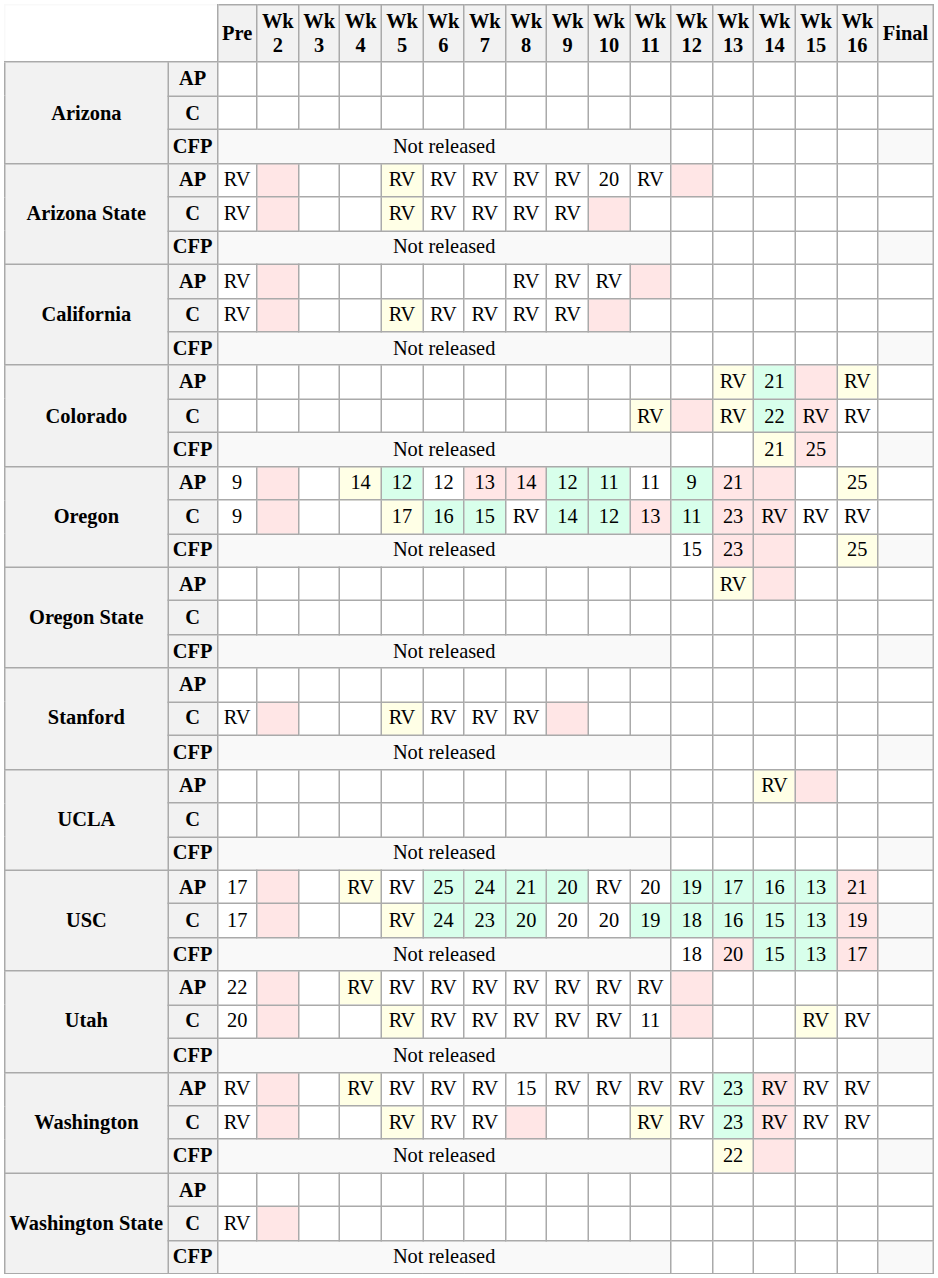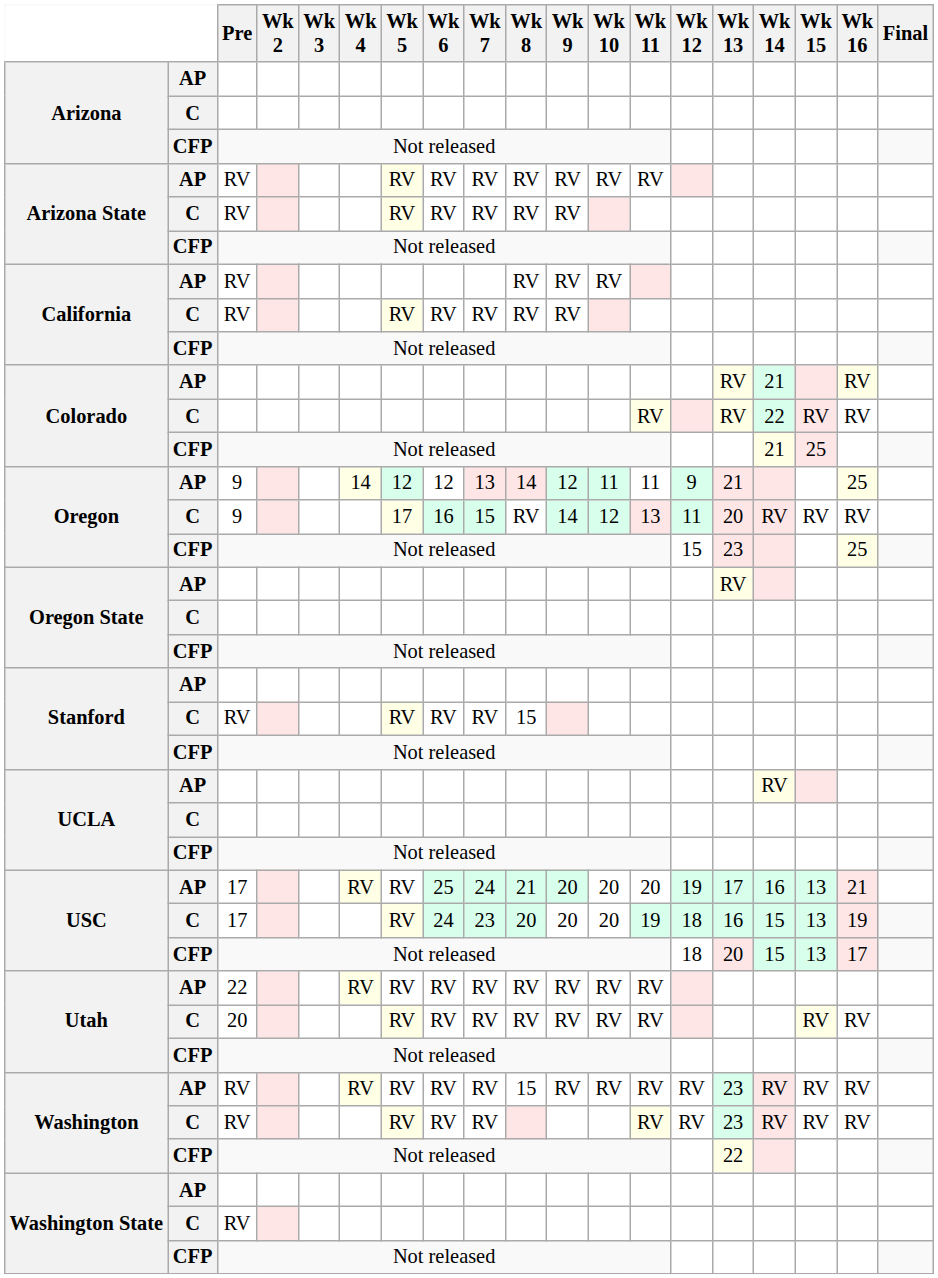 <table class="wikitable" style="white-space:nowrap;font-size:85%;">
 <tr>
 <th colspan=2 style="background:white; border-top-style:hidden; border-left-style:hidden;"> </th>
 <th>Pre</th>
 <th>Wk<br>2</th>
 <th>Wk<br>3</th>
 <th>Wk<br>4</th>
 <th>Wk<br>5</th>
 <th>Wk<br>6</th>
 <th>Wk<br>7</th>
 <th>Wk<br>8</th>
 <th>Wk<br>9</th>
 <th>Wk<br>10</th>
 <th>Wk<br>11</th>
 <th>Wk<br>12</th>
 <th>Wk<br>13</th>
 <th>Wk<br>14</th>
 <th>Wk<br>15</th>
 <th>Wk<br>16</th>
 <th>Final</th>
 </tr>
 <tr style="text-align:center;">
 <th rowspan="3">Arizona</th>
 <th>AP</th>
 <td style="background:#FFF;"></td>
 <td style="background:#FFF;"></td>
 <td style="background:#FFF;"></td>
 <td style="background:#FFF;"></td>
 <td style="background:#FFF;"></td>
 <td style="background:#FFF;"></td>
 <td style="background:#FFF;"></td>
 <td style="background:#FFF;"></td>
 <td style="background:#FFF;"></td>
 <td style="background:#FFF;"></td>
 <td style="background:#FFF;"></td>
 <td style="background:#FFF;"></td>
 <td style="background:#FFF;"></td>
 <td style="background:#FFF;"></td>
 <td style="background:#FFF;"></td>
 <td style="background:#FFF;"></td>
 <td style="background:#FFF;"></td>
 </tr>
 <tr style="text-align:center;">
 <th>C</th>
 <td style="background:#FFF;"></td>
 <td style="background:#FFF;"></td>
 <td style="background:#FFF;"></td>
 <td style="background:#FFF;"></td>
 <td style="background:#FFF;"></td>
 <td style="background:#FFF;"></td>
 <td style="background:#FFF;"></td>
 <td style="background:#FFF;"></td>
 <td style="background:#FFF;"></td>
 <td style="background:#FFF;"></td>
 <td style="background:#FFF;"></td>
 <td style="background:#FFF;"></td>
 <td style="background:#FFF;"></td>
 <td style="background:#FFF;"></td>
 <td style="background:#FFF;"></td>
 <td style="background:#FFF;"></td>
 <td style="background:#FFF;"></td>
 </tr>
 <tr style="text-align:center;">
 <th>CFP</th>
 <td colspan="11" style="text-align:center;">Not released</td>
 <td style="background:#FFF;"></td>
 <td style="background:#FFF;"></td>
 <td style="background:#FFF;"></td>
 <td style="background:#FFF;"></td>
 <td style="background:#FFF;"></td>
 <td style="text-align:center;"></td>
 </tr>
 <tr style="text-align:center;">
 <th rowspan="3">Arizona State</th>
 <th>AP</th>
 <td style="background:#FFF;">RV</td>
 <td style="background:#FFE6E6;"></td>
 <td style="background:#FFF;"></td>
 <td style="background:#FFF;"></td>
 <td style="background:#ffffe6;">RV</td>
 <td style="background:#FFF;">RV</td>
 <td style="background:#FFF;">RV</td>
 <td style="background:#FFF;">RV</td>
 <td style="background:#FFF;">RV</td>
-<td style="background:#FFF;">20</td>
+<td style="background:#FFF;">RV</td>
 <td style="background:#FFF;">RV</td>
 <td style="background:#FFE6E6;"></td>
 <td style="background:#FFF;"></td>
 <td style="background:#FFF;"></td>
 <td style="background:#FFF;"></td>
 <td style="background:#FFF;"></td>
 <td style="background:#FFF;"></td>
 </tr>
 <tr style="text-align:center;">
 <th>C</th>
 <td style="background:#FFF;">RV</td>
 <td style="background:#FFE6E6;"></td>
 <td style="background:#FFF;"></td>
 <td style="background:#FFF;"></td>
 <td style="background:#ffffe6;">RV</td>
 <td style="background:#FFF;">RV</td>
 <td style="background:#FFF;">RV</td>
 <td style="background:#FFF;">RV</td>
 <td style="background:#FFF;">RV</td>
 <td style="background:#FFE6E6;"></td>
 <td style="background:#FFF;"></td>
 <td style="background:#FFF;"></td>
 <td style="background:#FFF;"></td>
 <td style="background:#FFF;"></td>
 <td style="background:#FFF;"></td>
 <td style="background:#FFF;"></td>
 <td style="background:#FFF;"></td>
 </tr>
 <tr style="text-align:center;">
 <th>CFP</th>
 <td colspan="11" style="text-align:center;">Not released</td>
 <td style="background:#FFF;"></td>
 <td style="background:#FFF;"></td>
 <td style="background:#FFF;"></td>
 <td style="background:#FFF;"></td>
 <td style="background:#FFF;"></td>
 <td style="text-align:center;"></td>
 </tr>
 <tr style="text-align:center;">
 <th rowspan="3">California</th>
 <th>AP</th>
 <td style="background:#FFF;">RV</td>
 <td style="background:#FFE6E6;"></td>
 <td style="background:#FFF;"></td>
 <td style="background:#FFF;"></td>
 <td style="background:#FFF;"></td>
 <td style="background:#FFF;"></td>
 <td style="background:#FFF;"></td>
 <td style="background:#FFF;">RV</td>
 <td style="background:#FFF;">RV</td>
 <td style="background:#FFF;">RV</td>
 <td style="background:#FFE6E6;"></td>
 <td style="background:#FFF;"></td>
 <td style="background:#FFF;"></td>
 <td style="background:#FFF;"></td>
 <td style="background:#FFF;"></td>
 <td style="background:#FFF;"></td>
 <td style="background:#FFF;"></td>
 </tr>
 <tr style="text-align:center;">
 <th>C</th>
 <td style="background:#FFF;">RV</td>
 <td style="background:#FFE6E6;"></td>
 <td style="background:#FFF;"></td>
 <td style="background:#FFF;"></td>
 <td style="background:#ffffe6;">RV</td>
 <td style="background:#FFF;">RV</td>
 <td style="background:#FFF;">RV</td>
 <td style="background:#FFF;">RV</td>
 <td style="background:#FFF;">RV</td>
 <td style="background:#FFE6E6;"></td>
 <td style="background:#FFF;"></td>
 <td style="background:#FFF;"></td>
 <td style="background:#FFF;"></td>
 <td style="background:#FFF;"></td>
 <td style="background:#FFF;"></td>
 <td style="background:#FFF;"></td>
 <td style="background:#FFF;"></td>
 </tr>
 <tr style="text-align:center;">
 <th>CFP</th>
 <td colspan="11" style="text-align:center;">Not released</td>
 <td style="background:#FFF;"></td>
 <td style="background:#FFF;"></td>
 <td style="background:#FFF;"></td>
 <td style="background:#FFF;"></td>
 <td style="background:#FFF;"></td>
 <td style="text-align:center;"></td>
 </tr>
 <tr style="text-align:center;">
 <th rowspan="3">Colorado</th>
 <th>AP</th>
 <td style="background:#FFF;"></td>
 <td style="background:#FFF;"></td>
 <td style="background:#FFF;"></td>
 <td style="background:#FFF;"></td>
 <td style="background:#FFF;"></td>
 <td style="background:#FFF;"></td>
 <td style="background:#FFF;"></td>
 <td style="background:#FFF;"></td>
 <td style="background:#FFF;"></td>
 <td style="background:#FFF;"></td>
 <td style="background:#FFF;"></td>
 <td style="background:#FFF;"></td>
 <td style="background:#ffffe6;">RV</td>
 <td style="background:#D8FFEB;">21</td>
 <td style="background:#FFE6E6;"></td>
 <td style="background:#ffffe6;">RV</td>
 <td style="background:#FFF;"></td>
 </tr>
 <tr style="text-align:center;">
 <th>C</th>
 <td style="background:#FFF;"></td>
 <td style="background:#FFF;"></td>
 <td style="background:#FFF;"></td>
 <td style="background:#FFF;"></td>
 <td style="background:#FFF;"></td>
 <td style="background:#FFF;"></td>
 <td style="background:#FFF;"></td>
 <td style="background:#FFF;"></td>
 <td style="background:#FFF;"></td>
 <td style="background:#FFF;"></td>
 <td style="background:#ffffe6;">RV</td>
 <td style="background:#FFE6E6;"></td>
 <td style="background:#ffffe6;">RV</td>
 <td style="background:#D8FFEB;">22</td>
 <td style="background:#FFE6E6;">RV</td>
 <td style="background:#FFF;">RV</td>
 <td style="background:#FFF;"></td>
 </tr>
 <tr style="text-align:center;">
 <th>CFP</th>
 <td colspan="11" style="text-align:center;">Not released</td>
 <td style="background:#FFF;"></td>
 <td style="background:#FFF;"></td>
 <td style="background:#ffffe6;">21</td>
 <td style="background:#FFE6E6;">25</td>
 <td style="background:#FFF;"></td>
 <td style="text-align:center;"></td>
 </tr>
 <tr style="text-align:center;">
 <th rowspan="3">Oregon</th>
 <th>AP</th>
 <td style="background:#FFF;">9</td>
 <td style="background:#FFE6E6;"></td>
 <td style="background:#FFF;"></td>
 <td style="background:#ffffe6;">14</td>
 <td style="background:#D8FFEB;">12</td>
 <td style="background:#FFF;">12</td>
 <td style="background:#FFE6E6;">13</td>
 <td style="background:#FFE6E6;">14</td>
 <td style="background:#D8FFEB;">12</td>
 <td style="background:#D8FFEB;">11</td>
 <td style="background:#FFF;">11</td>
 <td style="background:#D8FFEB;">9</td>
 <td style="background:#FFE6E6;">21</td>
 <td style="background:#FFE6E6;"></td>
 <td style="background:#FFF;"></td>
 <td style="background:#ffffe6;">25</td>
 <td style="background:#FFF;"></td>
 </tr>
 <tr style="text-align:center;">
 <th>C</th>
 <td style="background:#FFF;">9</td>
 <td style="background:#FFE6E6;"></td>
 <td style="background:#FFF;"></td>
 <td style="background:#FFF;"></td>
 <td style="background:#ffffe6;">17</td>
 <td style="background:#D8FFEB;">16</td>
 <td style="background:#D8FFEB;">15</td>
 <td style="background:#FFF;">RV</td>
 <td style="background:#D8FFEB;">14</td>
 <td style="background:#D8FFEB;">12</td>
 <td style="background:#FFE6E6;">13</td>
 <td style="background:#D8FFEB;">11</td>
-<td style="background:#FFE6E6;">23</td>
+<td style="background:#FFE6E6;">20</td>
 <td style="background:#FFE6E6;">RV</td>
 <td style="background:#FFF;">RV</td>
 <td style="background:#FFF;">RV</td>
 <td style="background:#FFF;"></td>
 </tr>
 <tr style="text-align:center;">
 <th>CFP</th>
 <td colspan="11" style="text-align:center;">Not released</td>
 <td style="background:#FFF;">15</td>
 <td style="background:#FFE6E6;">23</td>
 <td style="background:#FFE6E6;"></td>
 <td style="background:#FFF;"></td>
 <td style="background:#ffffe6;">25</td>
 <td style="text-align:center;"></td>
 </tr>
 <tr style="text-align:center;">
 <th rowspan="3">Oregon State</th>
 <th>AP</th>
 <td style="background:#FFF;"></td>
 <td style="background:#FFF;"></td>
 <td style="background:#FFF;"></td>
 <td style="background:#FFF;"></td>
 <td style="background:#FFF;"></td>
 <td style="background:#FFF;"></td>
 <td style="background:#FFF;"></td>
 <td style="background:#FFF;"></td>
 <td style="background:#FFF;"></td>
 <td style="background:#FFF;"></td>
 <td style="background:#FFF;"></td>
 <td style="background:#FFF;"></td>
 <td style="background:#ffffe6;">RV</td>
 <td style="background:#FFE6E6;"></td>
 <td style="background:#FFF;"></td>
 <td style="background:#FFF;"></td>
 <td style="background:#FFF;"></td>
 </tr>
 <tr style="text-align:center;">
 <th>C</th>
 <td style="background:#FFF;"></td>
 <td style="background:#FFF;"></td>
 <td style="background:#FFF;"></td>
 <td style="background:#FFF;"></td>
 <td style="background:#FFF;"></td>
 <td style="background:#FFF;"></td>
 <td style="background:#FFF;"></td>
 <td style="background:#FFF;"></td>
 <td style="background:#FFF;"></td>
 <td style="background:#FFF;"></td>
 <td style="background:#FFF;"></td>
 <td style="background:#FFF;"></td>
 <td style="background:#FFF;"></td>
 <td style="background:#FFF;"></td>
 <td style="background:#FFF;"></td>
 <td style="background:#FFF;"></td>
 <td style="background:#FFF;"></td>
 </tr>
 <tr style="text-align:center;">
 <th>CFP</th>
 <td colspan="11" style="text-align:center;">Not released</td>
 <td style="background:#FFF;"></td>
 <td style="background:#FFF;"></td>
 <td style="background:#FFF;"></td>
 <td style="background:#FFF;"></td>
 <td style="background:#FFF;"></td>
 <td style="text-align:center;"></td>
 </tr>
 <tr style="text-align:center;">
 <th rowspan="3">Stanford</th>
 <th>AP</th>
 <td style="background:#FFF;"></td>
 <td style="background:#FFF;"></td>
 <td style="background:#FFF;"></td>
 <td style="background:#FFF;"></td>
 <td style="background:#FFF;"></td>
 <td style="background:#FFF;"></td>
 <td style="background:#FFF;"></td>
 <td style="background:#FFF;"></td>
 <td style="background:#FFF;"></td>
 <td style="background:#FFF;"></td>
 <td style="background:#FFF;"></td>
 <td style="background:#FFF;"></td>
 <td style="background:#FFF;"></td>
 <td style="background:#FFF;"></td>
 <td style="background:#FFF;"></td>
 <td style="background:#FFF;"></td>
 <td style="background:#FFF;"></td>
 </tr>
 <tr style="text-align:center;">
 <th>C</th>
 <td style="background:#FFF;">RV</td>
 <td style="background:#FFE6E6;"></td>
 <td style="background:#FFF;"></td>
 <td style="background:#FFF;"></td>
 <td style="background:#ffffe6;">RV</td>
 <td style="background:#FFF;">RV</td>
 <td style="background:#FFF;">RV</td>
-<td style="background:#FFF;">RV</td>
+<td style="background:#FFF;">15</td>
 <td style="background:#FFE6E6;"></td>
 <td style="background:#FFF;"></td>
 <td style="background:#FFF;"></td>
 <td style="background:#FFF;"></td>
 <td style="background:#FFF;"></td>
 <td style="background:#FFF;"></td>
 <td style="background:#FFF;"></td>
 <td style="background:#FFF;"></td>
 <td style="background:#FFF;"></td>
 </tr>
 <tr style="text-align:center;">
 <th>CFP</th>
 <td colspan="11" style="text-align:center;">Not released</td>
 <td style="background:#FFF;"></td>
 <td style="background:#FFF;"></td>
 <td style="background:#FFF;"></td>
 <td style="background:#FFF;"></td>
 <td style="background:#FFF;"></td>
 <td style="text-align:center;"></td>
 </tr>
 <tr style="text-align:center;">
 <th rowspan="3">UCLA</th>
 <th>AP</th>
 <td style="background:#FFF;"></td>
 <td style="background:#FFF;"></td>
 <td style="background:#FFF;"></td>
 <td style="background:#FFF;"></td>
 <td style="background:#FFF;"></td>
 <td style="background:#FFF;"></td>
 <td style="background:#FFF;"></td>
 <td style="background:#FFF;"></td>
 <td style="background:#FFF;"></td>
 <td style="background:#FFF;"></td>
 <td style="background:#FFF;"></td>
 <td style="background:#FFF;"></td>
 <td style="background:#FFF;"></td>
 <td style="background:#ffffe6;">RV</td>
 <td style="background:#FFE6E6;"></td>
 <td style="background:#FFF;"></td>
 <td style="background:#FFF;"></td>
 </tr>
 <tr style="text-align:center;">
 <th>C</th>
 <td style="background:#FFF;"></td>
 <td style="background:#FFF;"></td>
 <td style="background:#FFF;"></td>
 <td style="background:#FFF;"></td>
 <td style="background:#FFF;"></td>
 <td style="background:#FFF;"></td>
 <td style="background:#FFF;"></td>
 <td style="background:#FFF;"></td>
 <td style="background:#FFF;"></td>
 <td style="background:#FFF;"></td>
 <td style="background:#FFF;"></td>
 <td style="background:#FFF;"></td>
 <td style="background:#FFF;"></td>
 <td style="background:#FFF;"></td>
 <td style="background:#FFF;"></td>
 <td style="background:#FFF;"></td>
 <td style="background:#FFF;"></td>
 </tr>
 <tr style="text-align:center;">
 <th>CFP</th>
 <td colspan="11" style="text-align:center;">Not released</td>
 <td style="background:#FFF;"></td>
 <td style="background:#FFF;"></td>
 <td style="background:#FFF;"></td>
 <td style="background:#FFF;"></td>
 <td style="background:#FFF;"></td>
 <td style="text-align:center;"></td>
 </tr>
 <tr style="text-align:center;">
 <th rowspan="3">USC</th>
 <th>AP</th>
 <td style="background:#FFF;">17</td>
 <td style="background:#FFE6E6;"></td>
 <td style="background:#FFF;"></td>
 <td style="background:#ffffe6;">RV</td>
 <td style="background:#FFF;">RV</td>
 <td style="background:#D8FFEB;">25</td>
 <td style="background:#D8FFEB;">24</td>
 <td style="background:#D8FFEB;">21</td>
 <td style="background:#D8FFEB;">20</td>
-<td style="background:#FFF;">RV</td>
+<td style="background:#FFF;">20</td>
 <td style="background:#FFF;">20</td>
 <td style="background:#D8FFEB;">19</td>
 <td style="background:#D8FFEB;">17</td>
 <td style="background:#D8FFEB;">16</td>
 <td style="background:#D8FFEB;">13</td>
 <td style="background:#FFE6E6;">21</td>
 <td style="background:#FFF;"></td>
 </tr>
 <tr style="text-align:center;">
 <th>C</th>
 <td style="background:#FFF;">17</td>
 <td style="background:#FFE6E6;"></td>
 <td style="background:#FFF;"></td>
 <td style="background:#FFF;"></td>
 <td style="background:#ffffe6;">RV</td>
 <td style="background:#D8FFEB;">24</td>
 <td style="background:#D8FFEB;">23</td>
 <td style="background:#D8FFEB;">20</td>
 <td style="background:#FFF;">20</td>
 <td style="background:#FFF;">20</td>
 <td style="background:#D8FFEB;">19</td>
 <td style="background:#D8FFEB;">18</td>
 <td style="background:#D8FFEB;">16</td>
 <td style="background:#D8FFEB;">15</td>
 <td style="background:#D8FFEB;">13</td>
 <td style="background:#FFE6E6;">19</td>
 </tr>
 <tr style="text-align:center;">
 <th>CFP</th>
 <td colspan="11" style="text-align:center;">Not released</td>
 <td style="background:#FFF;">18</td>
 <td style="background:#FFE6E6;">20</td>
 <td style="background:#D8FFEB;">15</td>
 <td style="background:#D8FFEB;">13</td>
 <td style="background:#FFE6E6;">17</td>
 <td style="text-align:center;"></td>
 </tr>
 <tr style="text-align:center;">
 <th rowspan="3">Utah</th>
 <th>AP</th>
 <td style="background:#FFF;">22</td>
 <td style="background:#FFE6E6;"></td>
 <td style="background:#FFF;"></td>
 <td style="background:#ffffe6;">RV</td>
 <td style="background:#FFF;">RV</td>
 <td style="background:#FFF;">RV</td>
 <td style="background:#FFF;">RV</td>
 <td style="background:#FFF;">RV</td>
 <td style="background:#FFF;">RV</td>
 <td style="background:#FFF;">RV</td>
 <td style="background:#FFF;">RV</td>
 <td style="background:#FFE6E6;"></td>
 <td style="background:#FFF;"></td>
 <td style="background:#FFF;"></td>
 <td style="background:#FFF;"></td>
 <td style="background:#FFF;"></td>
 <td style="background:#FFF;"></td>
 </tr>
 <tr style="text-align:center;">
 <th>C</th>
 <td style="background:#FFF;">20</td>
 <td style="background:#FFE6E6;"></td>
 <td style="background:#FFF;"></td>
 <td style="background:#FFF;"></td>
 <td style="background:#ffffe6;">RV</td>
 <td style="background:#FFF;">RV</td>
 <td style="background:#FFF;">RV</td>
 <td style="background:#FFF;">RV</td>
 <td style="background:#FFF;">RV</td>
 <td style="background:#FFF;">RV</td>
-<td style="background:#FFF;">11</td>
+<td style="background:#FFF;">RV</td>
 <td style="background:#FFE6E6;"></td>
 <td style="background:#FFF;"></td>
 <td style="background:#FFF;"></td>
 <td style="background:#ffffe6;">RV</td>
 <td style="background:#FFF;">RV</td>
 <td style="background:#FFF;"></td>
 </tr>
 <tr style="text-align:center;">
 <th>CFP</th>
 <td colspan="11" style="text-align:center;">Not released</td>
 <td style="background:#FFF;"></td>
 <td style="background:#FFF;"></td>
 <td style="background:#FFF;"></td>
 <td style="background:#FFF;"></td>
 <td style="background:#FFF;"></td>
 <td style="text-align:center;"></td>
 </tr>
 <tr style="text-align:center;">
 <th rowspan="3">Washington</th>
 <th>AP</th>
 <td style="background:#FFF;">RV</td>
 <td style="background:#FFE6E6;"></td>
 <td style="background:#FFF;"></td>
 <td style="background:#ffffe6;">RV</td>
 <td style="background:#FFF;">RV</td>
 <td style="background:#FFF;">RV</td>
 <td style="background:#FFF;">RV</td>
 <td style="background:#FFF;">15</td>
 <td style="background:#FFF;">RV</td>
 <td style="background:#FFF;">RV</td>
 <td style="background:#FFF;">RV</td>
 <td style="background:#FFF;">RV</td>
 <td style="background:#D8FFEB;">23</td>
 <td style="background:#FFE6E6;">RV</td>
 <td style="background:#FFF;">RV</td>
 <td style="background:#FFF;">RV</td>
 <td style="background:#FFF;"></td>
 </tr>
 <tr style="text-align:center;">
 <th>C</th>
 <td style="background:#FFF;">RV</td>
 <td style="background:#FFE6E6;"></td>
 <td style="background:#FFF;"></td>
 <td style="background:#FFF;"></td>
 <td style="background:#ffffe6;">RV</td>
 <td style="background:#FFF;">RV</td>
 <td style="background:#FFF;">RV</td>
 <td style="background:#FFE6E6;"></td>
 <td style="background:#FFF;"></td>
 <td style="background:#FFF;"></td>
 <td style="background:#ffffe6;">RV</td>
 <td style="background:#FFF;">RV</td>
 <td style="background:#D8FFEB;">23</td>
 <td style="background:#FFE6E6;">RV</td>
 <td style="background:#FFF;">RV</td>
 <td style="background:#FFF;">RV</td>
 <td style="background:#FFF;"></td>
 </tr>
 <tr style="text-align:center;">
 <th>CFP</th>
 <td colspan="11" style="text-align:center;">Not released</td>
 <td style="background:#FFF;"></td>
 <td style="background:#ffffe6;">22</td>
 <td style="background:#FFE6E6;"></td>
 <td style="background:#FFF;"></td>
 <td style="background:#FFF;"></td>
 <td style="text-align:center;"></td>
 </tr>
 <tr style="text-align:center;">
 <th rowspan="3">Washington State</th>
 <th>AP</th>
 <td style="background:#FFF;"></td>
 <td style="background:#FFF;"></td>
 <td style="background:#FFF;"></td>
 <td style="background:#FFF;"></td>
 <td style="background:#FFF;"></td>
 <td style="background:#FFF;"></td>
 <td style="background:#FFF;"></td>
 <td style="background:#FFF;"></td>
 <td style="background:#FFF;"></td>
 <td style="background:#FFF;"></td>
 <td style="background:#FFF;"></td>
 <td style="background:#FFF;"></td>
 <td style="background:#FFF;"></td>
 <td style="background:#FFF;"></td>
 <td style="background:#FFF;"></td>
 <td style="background:#FFF;"></td>
 <td style="background:#FFF;"></td>
 </tr>
 <tr style="text-align:center;">
 <th>C</th>
 <td style="background:#FFF;">RV</td>
 <td style="background:#FFE6E6;"></td>
 <td style="background:#FFF;"></td>
 <td style="background:#FFF;"></td>
 <td style="background:#FFF;"></td>
 <td style="background:#FFF;"></td>
 <td style="background:#FFF;"></td>
 <td style="background:#FFF;"></td>
 <td style="background:#FFF;"></td>
 <td style="background:#FFF;"></td>
 <td style="background:#FFF;"></td>
 <td style="background:#FFF;"></td>
 <td style="background:#FFF;"></td>
 <td style="background:#FFF;"></td>
 <td style="background:#FFF;"></td>
 <td style="background:#FFF;"></td>
 <td style="background:#FFF;"></td>
 </tr>
 <tr style="text-align:center;">
 <th>CFP</th>
 <td colspan="11" style="text-align:center;">Not released</td>
 <td style="background:#FFF;"></td>
 <td style="background:#FFF;"></td>
 <td style="background:#FFF;"></td>
 <td style="background:#FFF;"></td>
 <td style="background:#FFF;"></td>
 <td style="text-align:center;"></td>
 </tr>
 <tr style="text-align:center;">
 </tr>
 </table>
